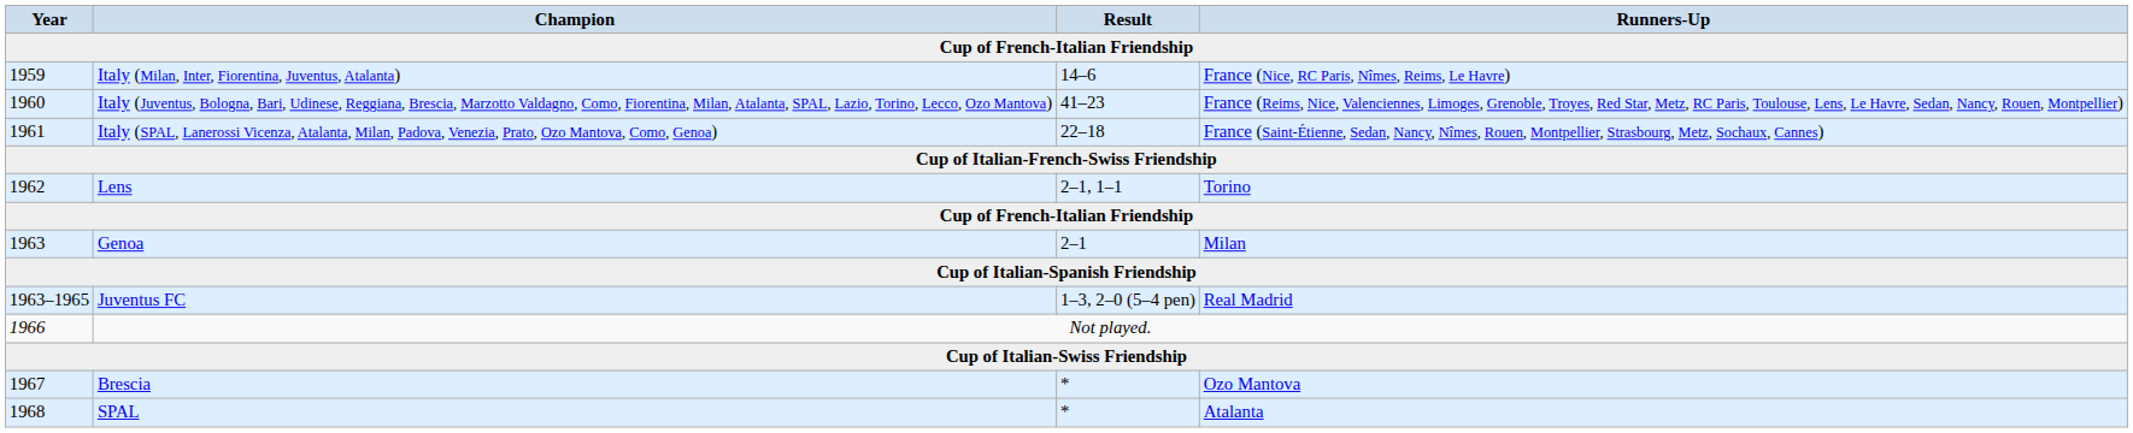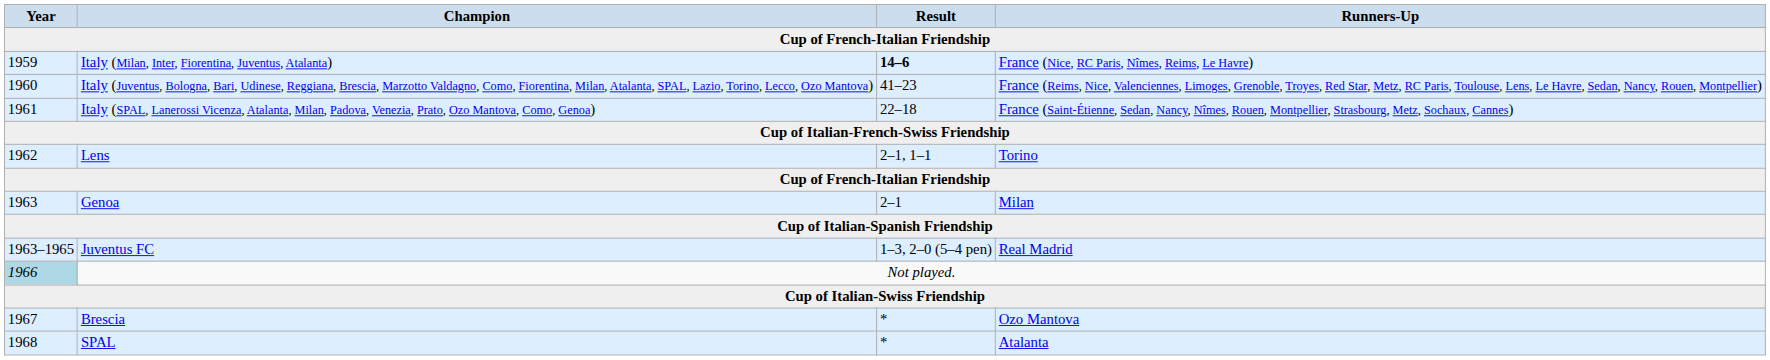 <table class="wikitable">
 <tr>
 <th style="background:#CCDDEE;">Year</th>
 <th style="background:#CCDDEE;">Champion</th>
 <th style="background:#CCDDEE;">Result</th>
 <th style="background:#CCDDEE;">Runners-Up</th>
 </tr>
 <tr align="center" bgcolor="#EFEFEF">
 <td colspan=4><strong>Cup of French-Italian Friendship</strong></td>
 </tr>
 <tr align="left" bgcolor=#DDEEFF>
 <td>1959</td>
 <td> <a href='#'>Italy</a> (<small><a href='#'>Milan</a>, <a href='#'>Inter</a>, <a href='#'>Fiorentina</a>, <a href='#'>Juventus</a>, <a href='#'>Atalanta</a></small>)</td>
-<td>14–6</td>
+<td><strong>14–6</strong></td>
 <td> <a href='#'>France</a> (<small><a href='#'>Nice</a>, <a href='#'>RC Paris</a>, <a href='#'>Nîmes</a>, <a href='#'>Reims</a>, <a href='#'>Le Havre</a></small>)</td>
 </tr>
 <tr align="left" bgcolor=#DDEEFF>
 <td>1960</td>
 <td> <a href='#'>Italy</a> (<small><a href='#'>Juventus</a>, <a href='#'>Bologna</a>, <a href='#'>Bari</a>, <a href='#'>Udinese</a>, <a href='#'>Reggiana</a>, <a href='#'>Brescia</a>, <a href='#'>Marzotto Valdagno</a>, <a href='#'>Como</a>, <a href='#'>Fiorentina</a>, <a href='#'>Milan</a>, <a href='#'>Atalanta</a>, <a href='#'>SPAL</a>, <a href='#'>Lazio</a>, <a href='#'>Torino</a>, <a href='#'>Lecco</a>, <a href='#'>Ozo Mantova</a></small>)</td>
 <td>41–23</td>
 <td> <a href='#'>France</a> (<small><a href='#'>Reims</a>, <a href='#'>Nice</a>, <a href='#'>Valenciennes</a>, <a href='#'>Limoges</a>, <a href='#'>Grenoble</a>, <a href='#'>Troyes</a>, <a href='#'>Red Star</a>, <a href='#'>Metz</a>, <a href='#'>RC Paris</a>, <a href='#'>Toulouse</a>, <a href='#'>Lens</a>, <a href='#'>Le Havre</a>, <a href='#'>Sedan</a>, <a href='#'>Nancy</a>, <a href='#'>Rouen</a>, <a href='#'>Montpellier</a></small>)</td>
 </tr>
 <tr align="left" bgcolor=#DDEEFF>
 <td>1961</td>
 <td> <a href='#'>Italy</a> (<small><a href='#'>SPAL</a>, <a href='#'>Lanerossi Vicenza</a>, <a href='#'>Atalanta</a>, <a href='#'>Milan</a>, <a href='#'>Padova</a>, <a href='#'>Venezia</a>, <a href='#'>Prato</a>, <a href='#'>Ozo Mantova</a>, <a href='#'>Como</a>, <a href='#'>Genoa</a></small>)</td>
 <td>22–18</td>
 <td> <a href='#'>France</a> (<small><a href='#'>Saint-Étienne</a>, <a href='#'>Sedan</a>, <a href='#'>Nancy</a>, <a href='#'>Nîmes</a>, <a href='#'>Rouen</a>, <a href='#'>Montpellier</a>, <a href='#'>Strasbourg</a>, <a href='#'>Metz</a>, <a href='#'>Sochaux</a>, <a href='#'>Cannes</a></small>)</td>
 </tr>
 <tr align="center" bgcolor="#EFEFEF">
 <td colspan=4><strong>Cup of Italian-French-Swiss Friendship</strong></td>
 </tr>
 <tr align="left" bgcolor=#DDEEFF>
 <td>1962</td>
 <td> <a href='#'>Lens</a></td>
 <td>2–1, 1–1</td>
 <td> <a href='#'>Torino</a></td>
 </tr>
 <tr align="center" bgcolor="#EFEFEF">
 <td colspan=4><strong>Cup of French-Italian Friendship</strong></td>
 </tr>
 <tr align="left" bgcolor=#DDEEFF>
 <td>1963</td>
 <td> <a href='#'>Genoa</a></td>
 <td>2–1</td>
 <td> <a href='#'>Milan</a></td>
 </tr>
 <tr align="center" bgcolor="#EFEFEF">
 <td colspan=4><strong>Cup of Italian-Spanish Friendship</strong></td>
 </tr>
 <tr align="left" bgcolor=#DDEEFF>
 <td>1963–1965</td>
 <td> <a href='#'>Juventus FC</a></td>
 <td>1–3, 2–0 (5–4 pen)</td>
 <td> <a href='#'>Real Madrid</a></td>
 </tr>
 <tr>
-<td><em>1966</em></td>
+<td style="background: lightblue;"><em>1966</em></td>
 <td colspan=4 style="text-align:center;"><em>Not played.</em></td>
 </tr>
 <tr align="center" bgcolor="#EFEFEF">
 <td colspan=4><strong>Cup of Italian-Swiss Friendship</strong></td>
 </tr>
 <tr align="left" bgcolor=#DDEEFF>
 <td>1967</td>
 <td> <a href='#'>Brescia</a></td>
 <td>*</td>
 <td> <a href='#'>Ozo Mantova</a></td>
 </tr>
 <tr align="left" bgcolor=#DDEEFF>
 <td>1968</td>
 <td> <a href='#'>SPAL</a></td>
 <td>*</td>
 <td> <a href='#'>Atalanta</a></td>
 </tr>
 </table>
